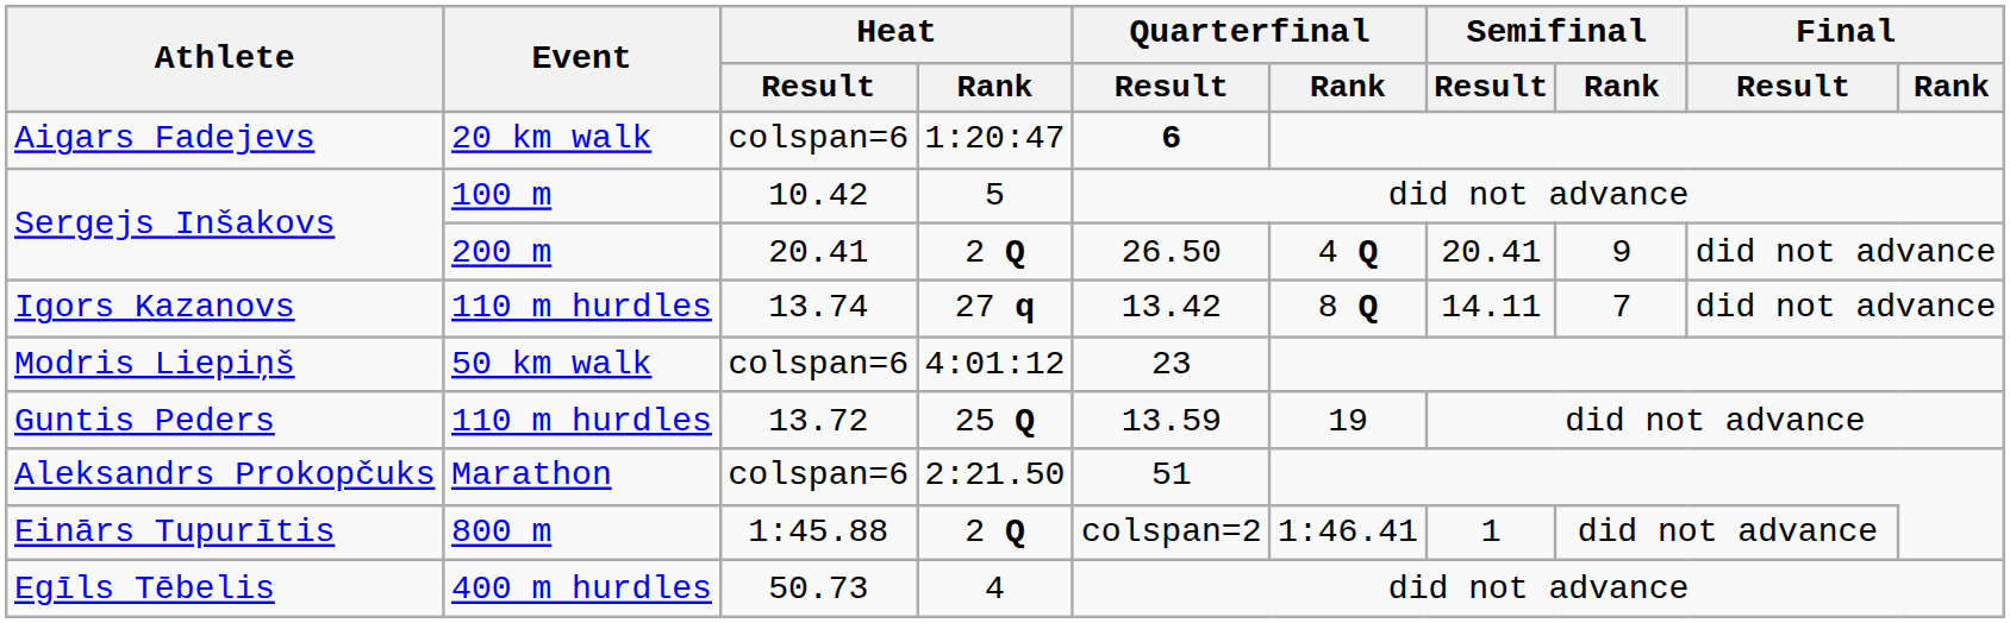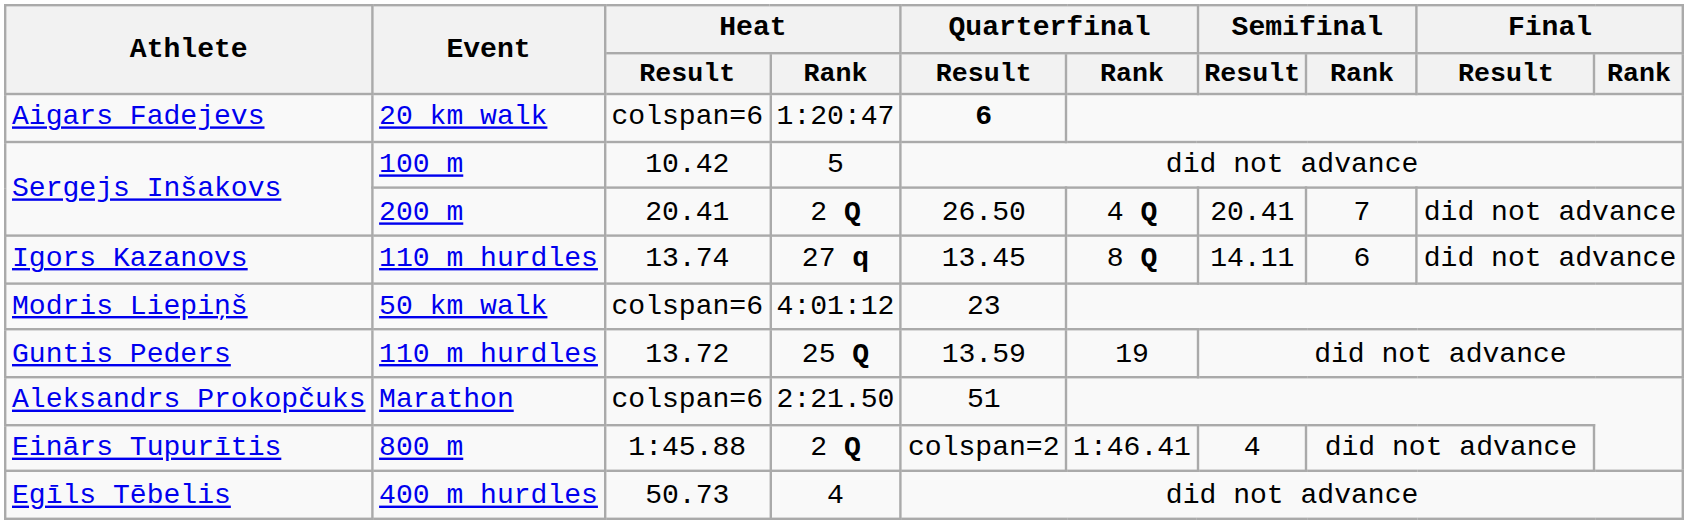 <table class="wikitable" style="font-size:90%">
 <tr>
 <th rowspan="2">Athlete</th>
 <th rowspan="2">Event</th>
 <th colspan="2">Heat</th>
 <th colspan="2">Quarterfinal</th>
 <th colspan="2">Semifinal</th>
 <th colspan="2">Final</th>
 </tr>
 <tr style="font-size:95%">
 <th>Result</th>
 <th>Rank</th>
 <th>Result</th>
 <th>Rank</th>
 <th>Result</th>
 <th>Rank</th>
 <th>Result</th>
 <th>Rank</th>
 </tr>
 <tr align=center>
 <td align=left><a href='#'>Aigars Fadejevs</a></td>
 <td align=left><a href='#'>20 km walk</a></td>
 <td>colspan=6 </td>
 <td>1:20:47</td>
 <td><strong>6</strong></td>
 </tr>
 <tr align=center>
 <td align=left rowspan=2><a href='#'>Sergejs Inšakovs</a></td>
 <td align=left><a href='#'>100 m</a></td>
 <td>10.42</td>
 <td>5</td>
 <td colspan=6>did not advance</td>
 </tr>
 <tr align=center>
 <td align=left><a href='#'>200 m</a></td>
 <td>20.41</td>
 <td>2 <strong>Q</strong></td>
 <td>26.50</td>
 <td>4 <strong>Q</strong></td>
 <td>20.41</td>
-<td>9</td>
+<td>7</td>
 <td colspan=2>did not advance</td>
 </tr>
 <tr align=center>
 <td align=left><a href='#'>Igors Kazanovs</a></td>
 <td align=left><a href='#'>110 m hurdles</a></td>
 <td>13.74</td>
 <td>27 <strong>q</strong></td>
-<td>13.42</td>
+<td>13.45</td>
 <td>8 <strong>Q</strong></td>
 <td>14.11</td>
-<td>7</td>
+<td>6</td>
 <td colspan=2>did not advance</td>
 </tr>
 <tr align=center>
 <td align=left><a href='#'>Modris Liepiņš</a></td>
 <td align=left><a href='#'>50 km walk</a></td>
 <td>colspan=6 </td>
 <td>4:01:12</td>
 <td>23</td>
 </tr>
 <tr align=center>
 <td align=left><a href='#'>Guntis Peders</a></td>
 <td align=left><a href='#'>110 m hurdles</a></td>
 <td>13.72</td>
 <td>25 <strong>Q</strong></td>
 <td>13.59</td>
 <td>19</td>
 <td colspan=4>did not advance</td>
 </tr>
 <tr align=center>
 <td align=left><a href='#'>Aleksandrs Prokopčuks</a></td>
 <td align=left><a href='#'>Marathon</a></td>
 <td>colspan=6 </td>
 <td>2:21.50</td>
 <td>51</td>
 </tr>
 <tr align=center>
 <td align=left><a href='#'>Einārs Tupurītis</a></td>
 <td align=left><a href='#'>800 m</a></td>
 <td>1:45.88</td>
 <td>2 <strong>Q</strong></td>
 <td>colspan=2 </td>
 <td>1:46.41</td>
-<td>1</td>
+<td>4</td>
 <td colspan=2>did not advance</td>
 </tr>
 <tr align=center>
 <td align=left><a href='#'>Egīls Tēbelis</a></td>
 <td align=left><a href='#'>400 m hurdles</a></td>
 <td>50.73</td>
 <td>4</td>
 <td colspan=6>did not advance</td>
 </tr>
 </table>
